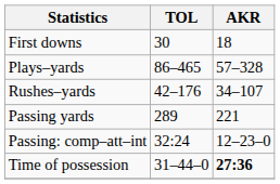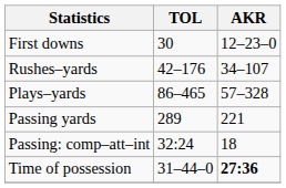 <table class="wikitable" style="float: left;">
 <tr>
 <th>Statistics</th>
 <th>TOL</th>
 <th>AKR</th>
 </tr>
 <tr>
 <td>First downs</td>
 <td>30</td>
-<td>18</td>
+<td>12–23–0</td>
+</tr>
+<tr>
+<td>Rushes–yards</td>
+<td>42–176</td>
+<td>34–107</td>
 </tr>
 <tr>
 <td>Plays–yards</td>
 <td>86–465</td>
 <td>57–328</td>
-</tr>
-<tr>
-<td>Rushes–yards</td>
-<td>42–176</td>
-<td>34–107</td>
 </tr>
 <tr>
 <td>Passing yards</td>
 <td>289</td>
 <td>221</td>
 </tr>
 <tr>
 <td>Passing: comp–att–int</td>
 <td>32:24</td>
-<td>12–23–0</td>
+<td>18</td>
 </tr>
 <tr>
 <td>Time of possession</td>
 <td>31–44–0</td>
 <td><strong>27:36</strong></td>
 </tr>
 <tr>
 </tr>
 </table>
